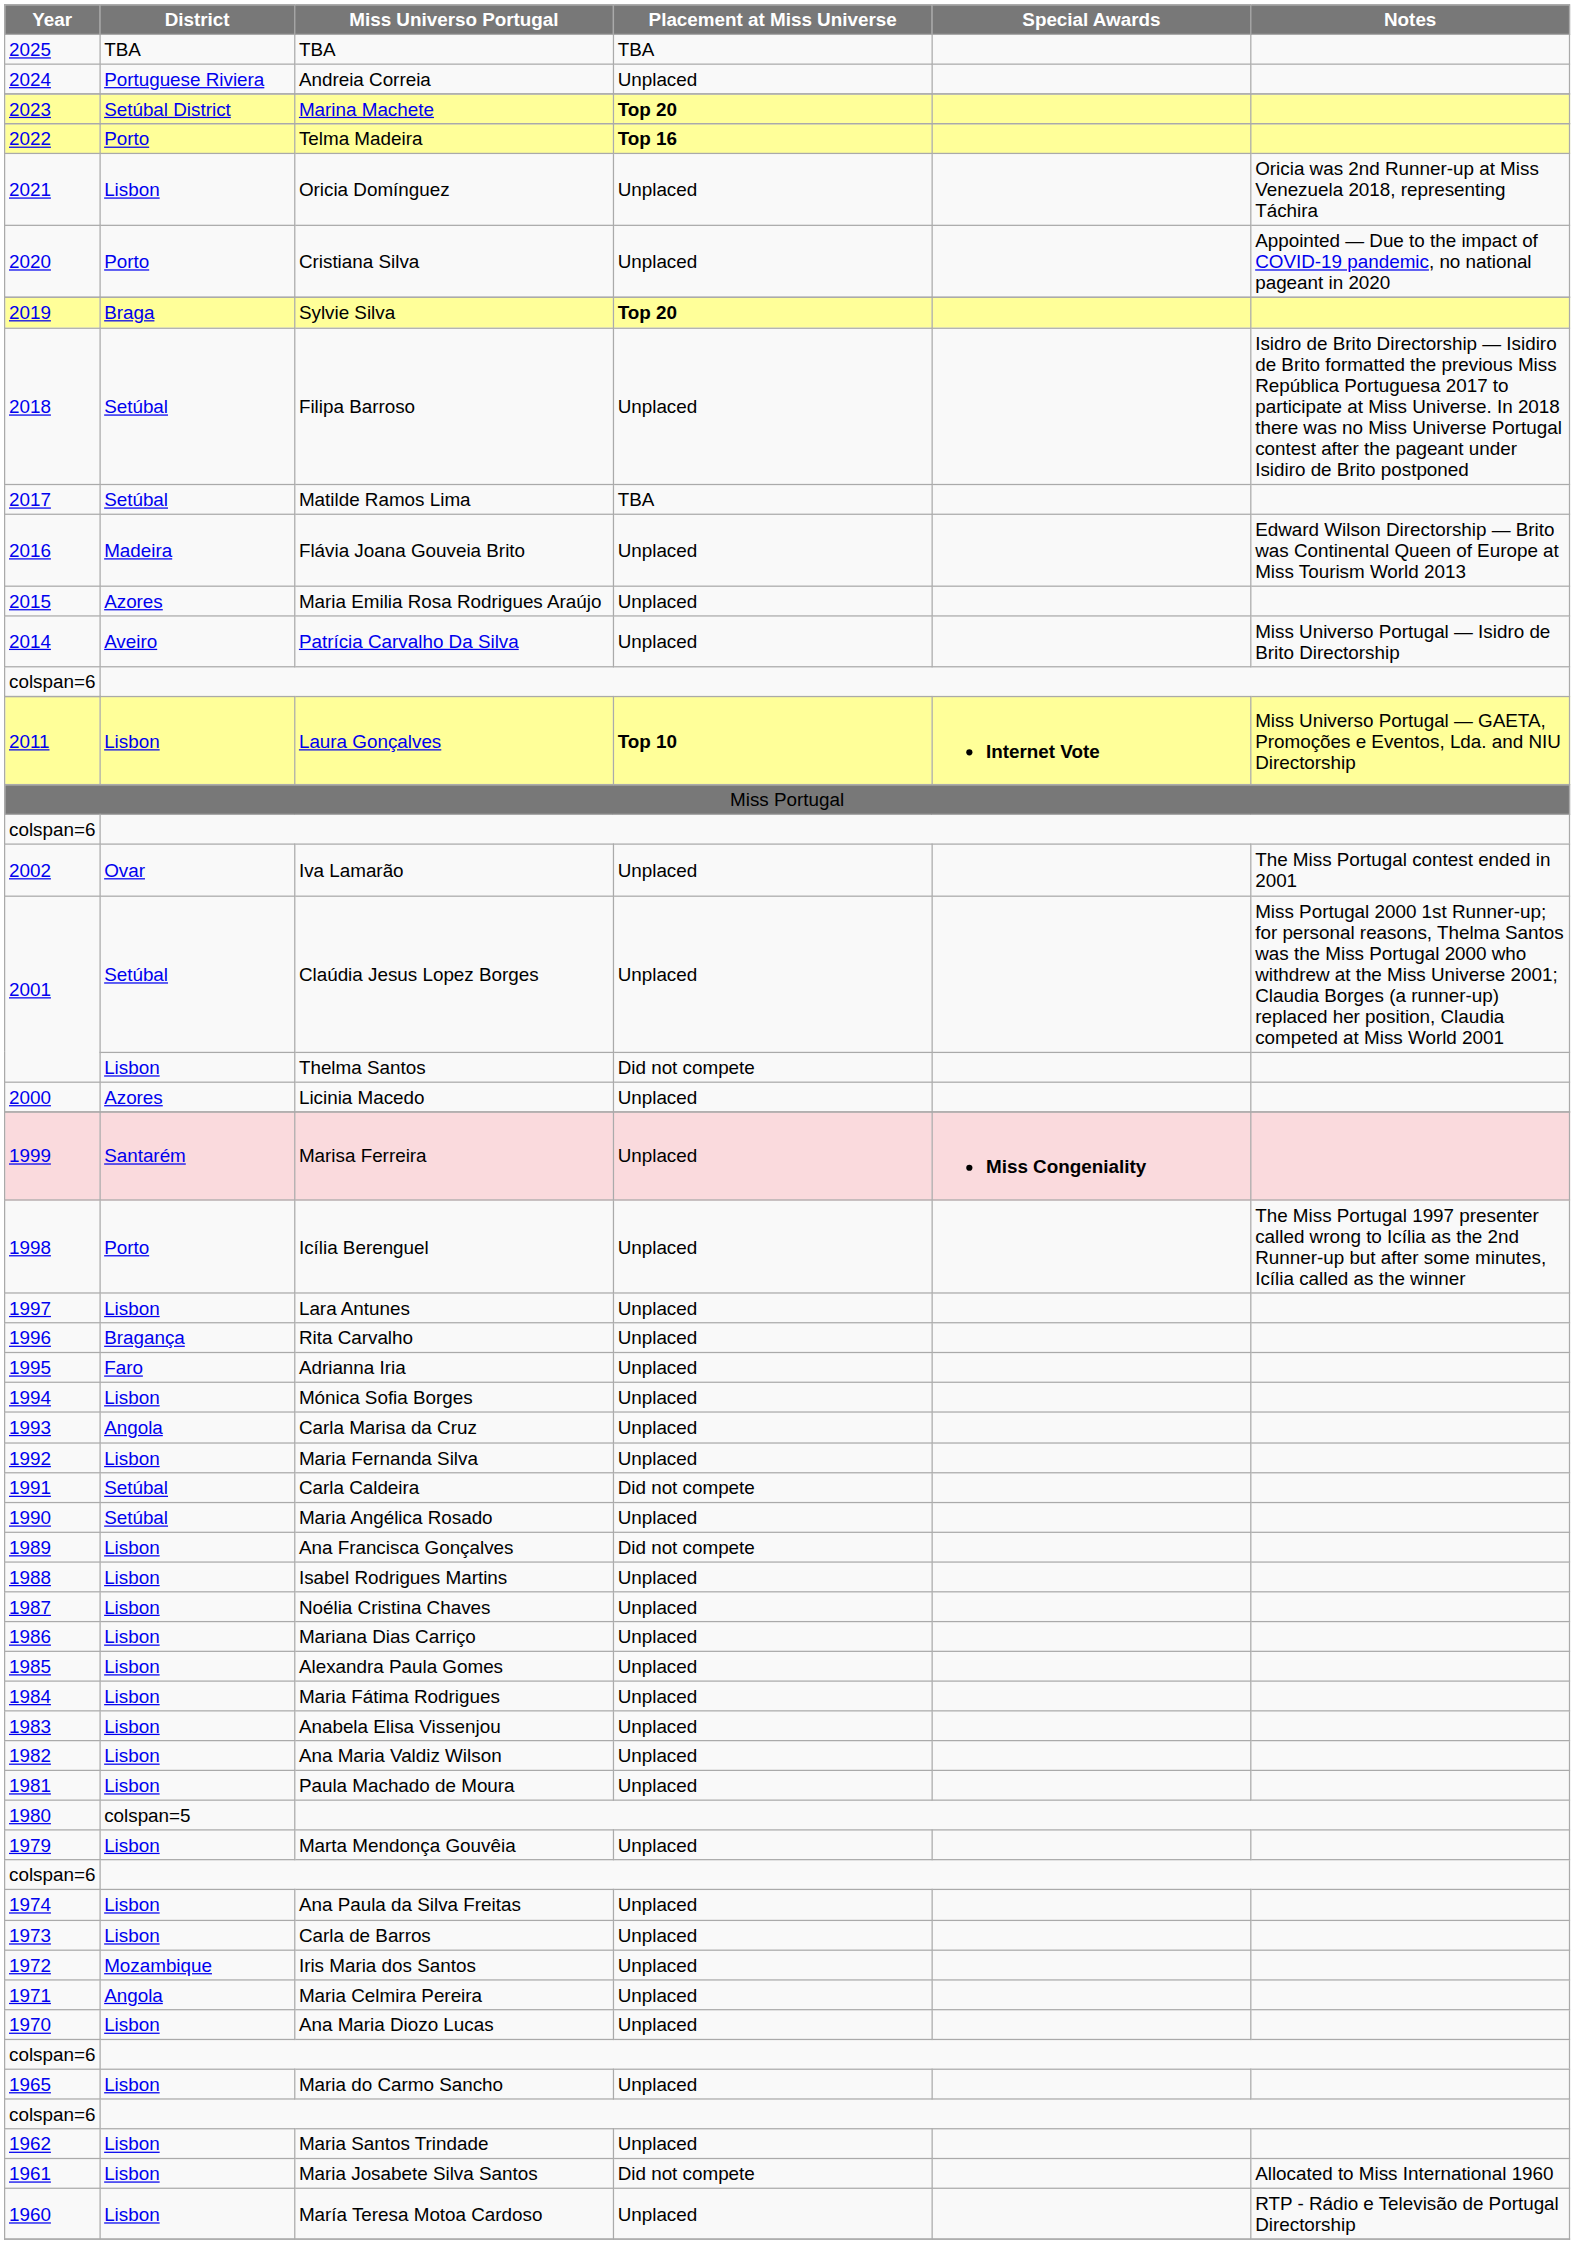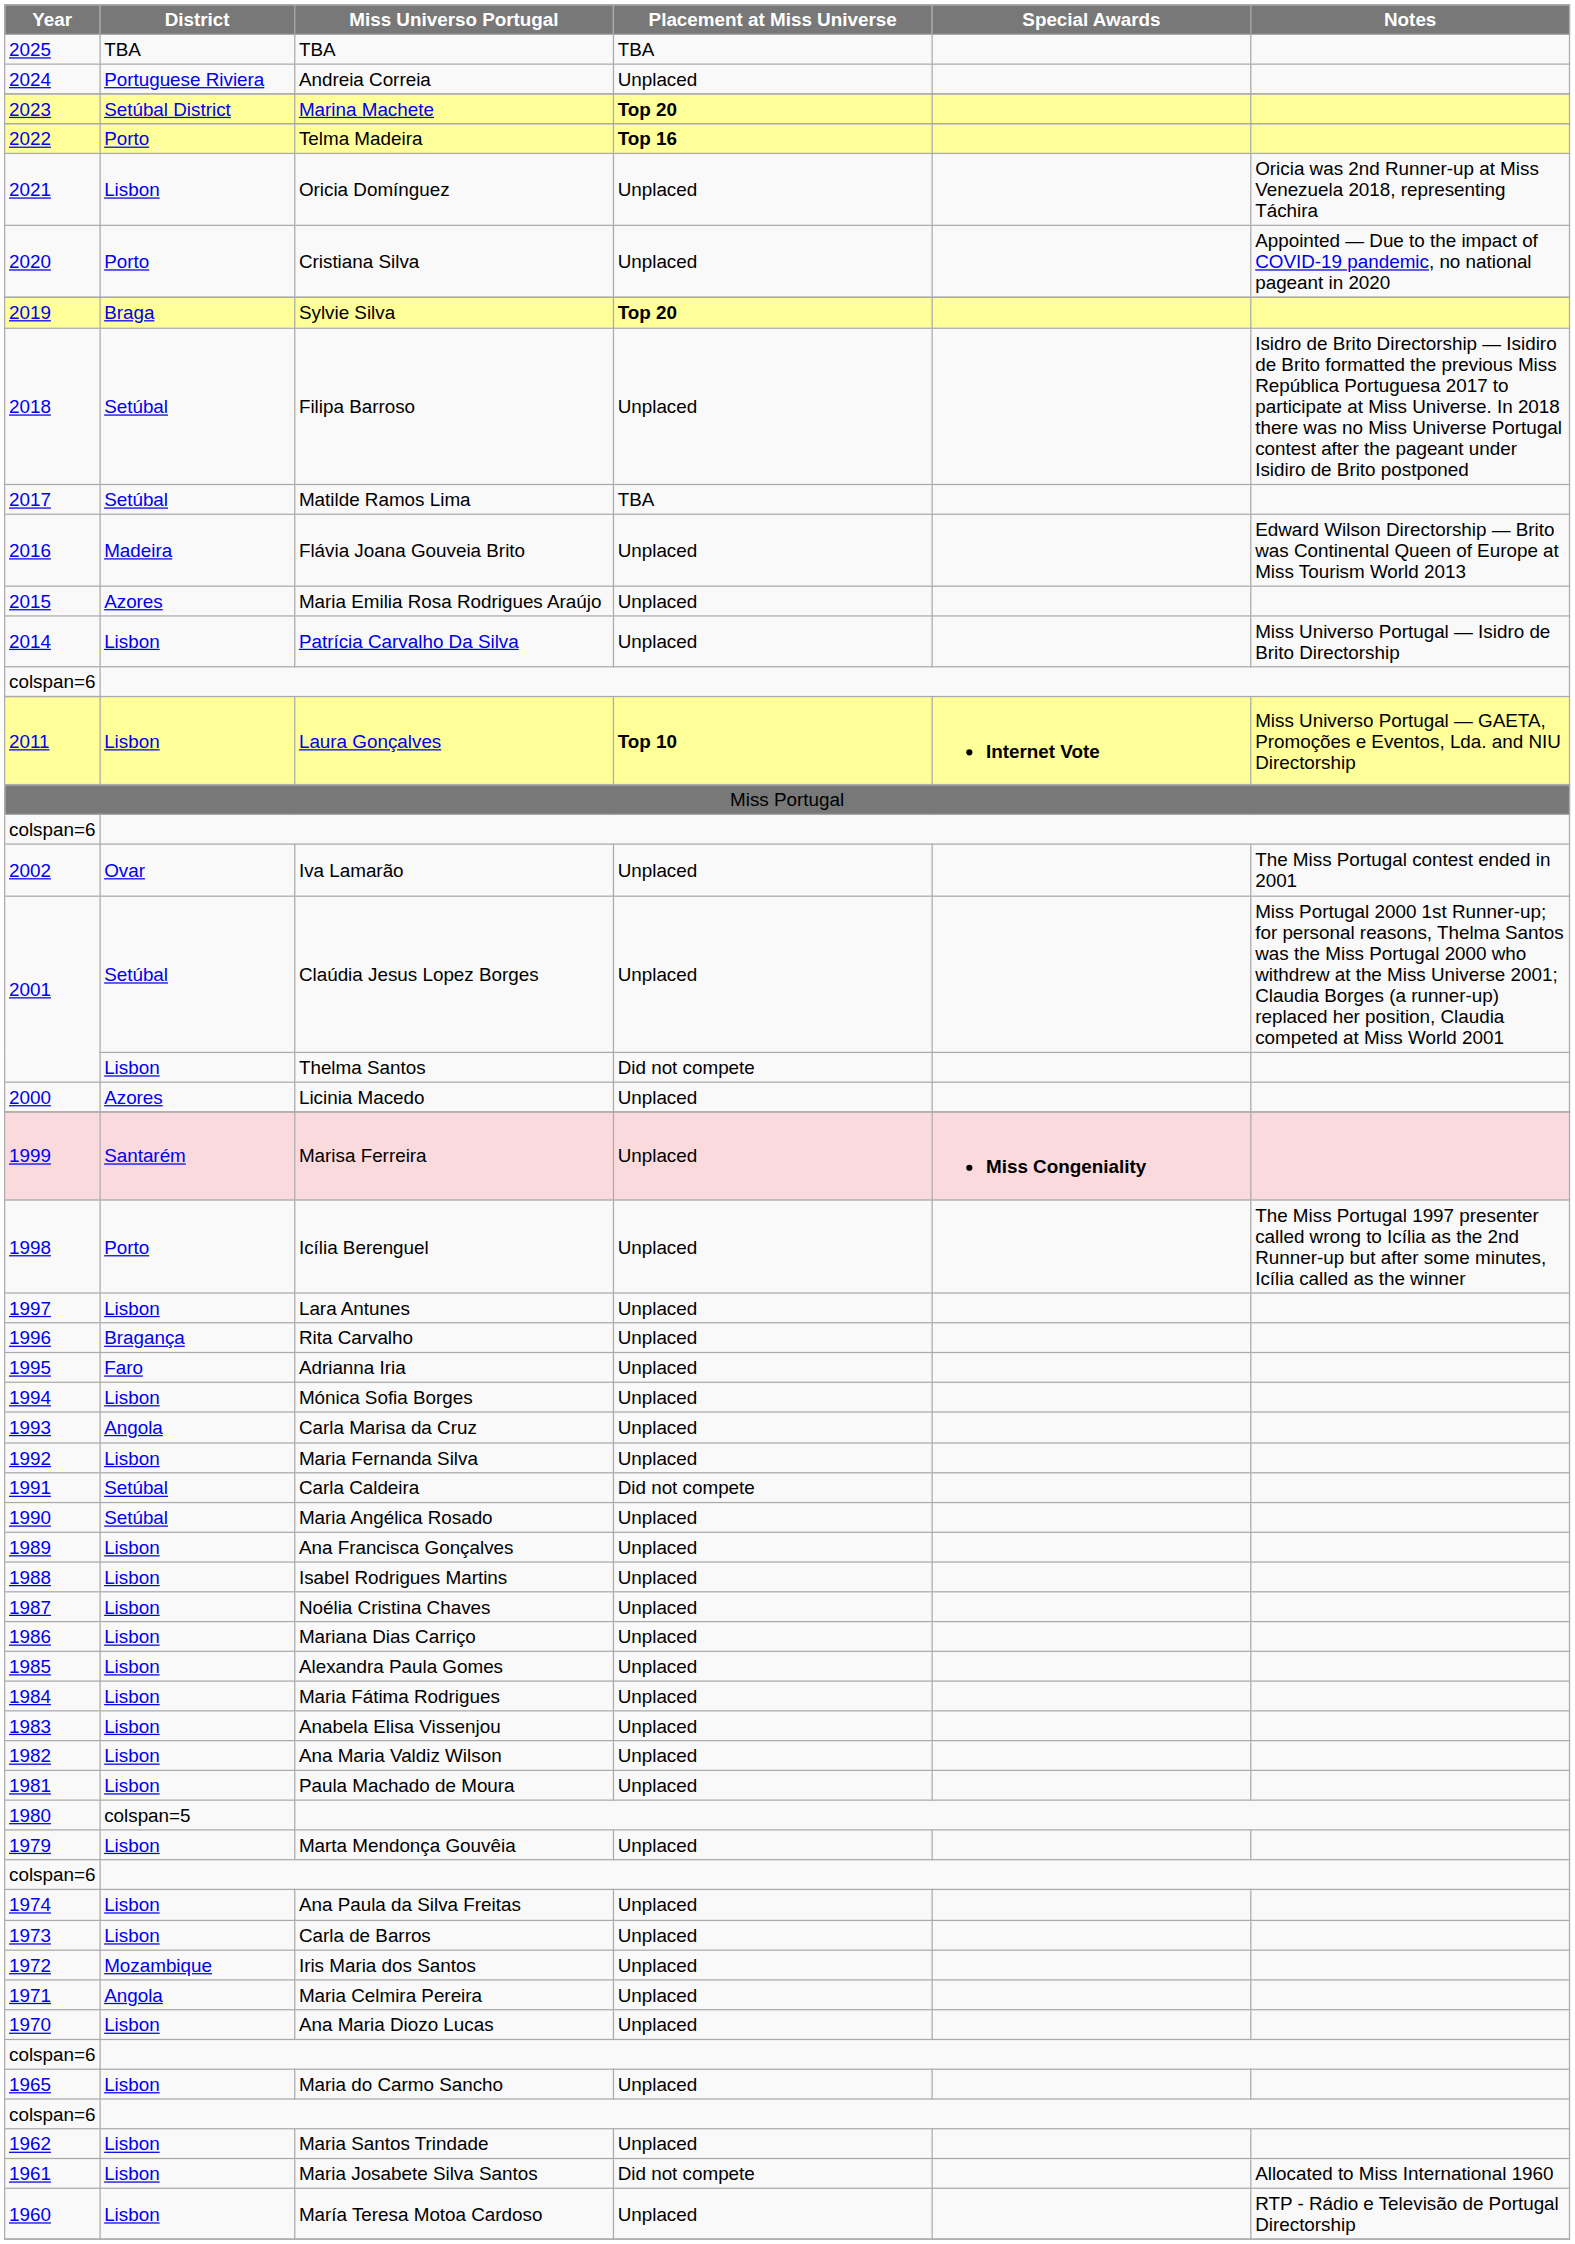 <table class="wikitable " style="font-size: 95%;">
 <tr>
 <th width="60" style="background-color:#787878;color:#FFFFFF;">Year</th>
 <th width="150" style="background-color:#787878;color:#FFFFFF;">District</th>
 <th width="250" style="background-color:#787878;color:#FFFFFF;">Miss Universo Portugal</th>
 <th width="250" style="background-color:#787878;color:#FFFFFF;">Placement at Miss Universe</th>
 <th width="250" style="background-color:#787878;color:#FFFFFF;">Special Awards</th>
 <th width="250" style="background-color:#787878;color:#FFFFFF;">Notes</th>
 </tr>
 <tr>
 <td><a href='#'>2025</a></td>
 <td>TBA</td>
 <td>TBA</td>
 <td>TBA</td>
 <td></td>
 <td></td>
 </tr>
 <tr>
 <td><a href='#'>2024</a></td>
 <td><a href='#'>Portuguese Riviera</a></td>
 <td>Andreia Correia</td>
 <td>Unplaced</td>
 <td></td>
 <td></td>
 </tr>
 <tr>
 </tr>
 <tr style="background-color:#FFFF99;">
 <td><a href='#'>2023</a></td>
 <td><a href='#'>Setúbal District</a></td>
 <td><a href='#'>Marina Machete</a></td>
 <td><strong>Top 20</strong></td>
 <td></td>
 <td></td>
 </tr>
 <tr>
 </tr>
 <tr style="background-color:#FFFF99;">
 <td><a href='#'>2022</a></td>
 <td><a href='#'>Porto</a></td>
 <td>Telma Madeira</td>
 <td><strong>Top 16</strong></td>
 <td></td>
 <td></td>
 </tr>
 <tr>
 <td><a href='#'>2021</a></td>
 <td><a href='#'>Lisbon</a></td>
 <td>Oricia Domínguez</td>
 <td>Unplaced</td>
 <td></td>
 <td>Oricia was 2nd Runner-up at Miss Venezuela 2018, representing Táchira</td>
 </tr>
 <tr>
 <td><a href='#'>2020</a></td>
 <td><a href='#'>Porto</a></td>
 <td>Cristiana Silva</td>
 <td>Unplaced</td>
 <td></td>
 <td>Appointed — Due to the impact of <a href='#'>COVID-19 pandemic</a>, no national pageant in 2020</td>
 </tr>
 <tr>
 </tr>
 <tr style="background-color:#FFFF99;">
 <td><a href='#'>2019</a></td>
 <td><a href='#'>Braga</a></td>
 <td>Sylvie Silva</td>
 <td><strong>Top 20</strong></td>
 <td></td>
 <td></td>
 </tr>
 <tr>
 <td><a href='#'>2018</a></td>
 <td><a href='#'>Setúbal</a></td>
 <td>Filipa Barroso</td>
 <td>Unplaced</td>
 <td></td>
 <td>Isidro de Brito Directorship — Isidiro de Brito formatted the previous Miss República Portuguesa 2017 to participate at Miss Universe. In 2018 there was no Miss Universe Portugal contest after the pageant under Isidiro de Brito postponed</td>
 </tr>
 <tr>
 <td><a href='#'>2017</a></td>
 <td><a href='#'>Setúbal</a></td>
 <td>Matilde Ramos Lima</td>
 <td>TBA</td>
 <td></td>
 <td></td>
 </tr>
 <tr>
 <td><a href='#'>2016</a></td>
 <td><a href='#'>Madeira</a></td>
 <td>Flávia Joana Gouveia Brito</td>
 <td>Unplaced</td>
 <td></td>
 <td>Edward Wilson Directorship — Brito was Continental Queen of Europe at Miss Tourism World 2013</td>
 </tr>
 <tr>
 <td><a href='#'>2015</a></td>
 <td><a href='#'>Azores</a></td>
 <td>Maria Emilia Rosa Rodrigues Araújo</td>
 <td>Unplaced</td>
 <td></td>
 <td></td>
 </tr>
 <tr>
 <td><a href='#'>2014</a></td>
-<td><a href='#'>Aveiro</a></td>
+<td><a href='#'>Lisbon</a></td>
 <td><a href='#'>Patrícia Carvalho Da Silva</a></td>
 <td>Unplaced</td>
 <td></td>
 <td>Miss Universo Portugal — Isidro de Brito Directorship</td>
 </tr>
 <tr>
 <td>colspan=6 </td>
 </tr>
 <tr>
 </tr>
 <tr style="background-color:#FFFF99;">
 <td><a href='#'>2011</a></td>
 <td><a href='#'>Lisbon</a></td>
 <td><a href='#'>Laura Gonçalves</a></td>
 <td><strong>Top 10</strong></td>
 <td align="left"><br><ul><li><strong>Internet Vote</strong></li></ul></td>
 <td>Miss Universo Portugal — GAETA, Promoções e Eventos, Lda. and NIU Directorship</td>
 </tr>
 <tr>
 </tr>
 <tr bgcolor="#787878" align="center">
 <td colspan="6"><span>Miss Portugal</span></td>
 </tr>
 <tr>
 <td>colspan=6 </td>
 </tr>
 <tr>
 <td><a href='#'>2002</a></td>
 <td><a href='#'>Ovar</a></td>
 <td>Iva Lamarão</td>
 <td>Unplaced</td>
 <td></td>
 <td>The Miss Portugal contest ended in 2001</td>
 </tr>
 <tr>
 <td rowspan=2><a href='#'>2001</a></td>
 <td><a href='#'>Setúbal</a></td>
 <td>Claúdia Jesus Lopez Borges</td>
 <td>Unplaced</td>
 <td></td>
 <td>Miss Portugal 2000 1st Runner-up; for personal reasons, Thelma Santos was the Miss Portugal 2000 who withdrew at the Miss Universe 2001; Claudia Borges (a runner-up) replaced her position, Claudia competed at Miss World 2001</td>
 </tr>
 <tr>
 <td><a href='#'>Lisbon</a></td>
 <td>Thelma Santos</td>
 <td>Did not compete</td>
 <td></td>
 <td></td>
 </tr>
 <tr>
 <td><a href='#'>2000</a></td>
 <td><a href='#'>Azores</a></td>
 <td>Licinia Macedo</td>
 <td>Unplaced</td>
 <td></td>
 <td></td>
 </tr>
 <tr>
 </tr>
 <tr style="background-color:#FADADD;">
 <td><a href='#'>1999</a></td>
 <td><a href='#'>Santarém</a></td>
 <td>Marisa Ferreira</td>
 <td>Unplaced</td>
 <td align="left"><br><ul><li><strong>Miss Congeniality</strong></li></ul></td>
 <td></td>
 </tr>
 <tr>
 <td><a href='#'>1998</a></td>
 <td><a href='#'>Porto</a></td>
 <td>Icília Berenguel</td>
 <td>Unplaced</td>
 <td></td>
 <td>The Miss Portugal 1997 presenter called wrong to Icília as the 2nd Runner-up but after some minutes, Icília called as the winner</td>
 </tr>
 <tr>
 <td><a href='#'>1997</a></td>
 <td><a href='#'>Lisbon</a></td>
 <td>Lara Antunes</td>
 <td>Unplaced</td>
 <td></td>
 <td></td>
 </tr>
 <tr>
 <td><a href='#'>1996</a></td>
 <td><a href='#'>Bragança</a></td>
 <td>Rita Carvalho</td>
 <td>Unplaced</td>
 <td></td>
 <td></td>
 </tr>
 <tr>
 <td><a href='#'>1995</a></td>
 <td><a href='#'>Faro</a></td>
 <td>Adrianna Iria</td>
 <td>Unplaced</td>
 <td></td>
 <td></td>
 </tr>
 <tr>
 <td><a href='#'>1994</a></td>
 <td><a href='#'>Lisbon</a></td>
 <td>Mónica Sofia Borges</td>
 <td>Unplaced</td>
 <td></td>
 <td></td>
 </tr>
 <tr>
 <td><a href='#'>1993</a></td>
 <td><a href='#'>Angola</a></td>
 <td>Carla Marisa da Cruz</td>
 <td>Unplaced</td>
 <td></td>
 <td></td>
 </tr>
 <tr>
 <td><a href='#'>1992</a></td>
 <td><a href='#'>Lisbon</a></td>
 <td>Maria Fernanda Silva</td>
 <td>Unplaced</td>
 <td></td>
 <td></td>
 </tr>
 <tr>
 <td><a href='#'>1991</a></td>
 <td><a href='#'>Setúbal</a></td>
 <td>Carla Caldeira</td>
 <td>Did not compete</td>
 <td></td>
 <td></td>
 </tr>
 <tr>
 <td><a href='#'>1990</a></td>
 <td><a href='#'>Setúbal</a></td>
 <td>Maria Angélica Rosado</td>
 <td>Unplaced</td>
 <td></td>
 <td></td>
 </tr>
 <tr>
 <td><a href='#'>1989</a></td>
 <td><a href='#'>Lisbon</a></td>
 <td>Ana Francisca Gonçalves</td>
-<td>Did not compete</td>
+<td>Unplaced</td>
 <td></td>
 <td></td>
 </tr>
 <tr>
 <td><a href='#'>1988</a></td>
 <td><a href='#'>Lisbon</a></td>
 <td>Isabel Rodrigues Martins</td>
 <td>Unplaced</td>
 <td></td>
 <td></td>
 </tr>
 <tr>
 <td><a href='#'>1987</a></td>
 <td><a href='#'>Lisbon</a></td>
 <td>Noélia Cristina Chaves</td>
 <td>Unplaced</td>
 <td></td>
 <td></td>
 </tr>
 <tr>
 <td><a href='#'>1986</a></td>
 <td><a href='#'>Lisbon</a></td>
 <td>Mariana Dias Carriço</td>
 <td>Unplaced</td>
 <td></td>
 <td></td>
 </tr>
 <tr>
 <td><a href='#'>1985</a></td>
 <td><a href='#'>Lisbon</a></td>
 <td>Alexandra Paula Gomes</td>
 <td>Unplaced</td>
 <td></td>
 <td></td>
 </tr>
 <tr>
 <td><a href='#'>1984</a></td>
 <td><a href='#'>Lisbon</a></td>
 <td>Maria Fátima Rodrigues</td>
 <td>Unplaced</td>
 <td></td>
 <td></td>
 </tr>
 <tr>
 <td><a href='#'>1983</a></td>
 <td><a href='#'>Lisbon</a></td>
 <td>Anabela Elisa Vissenjou</td>
 <td>Unplaced</td>
 <td></td>
 <td></td>
 </tr>
 <tr>
 <td><a href='#'>1982</a></td>
 <td><a href='#'>Lisbon</a></td>
 <td>Ana Maria Valdiz Wilson</td>
 <td>Unplaced</td>
 <td></td>
 <td></td>
 </tr>
 <tr>
 <td><a href='#'>1981</a></td>
 <td><a href='#'>Lisbon</a></td>
 <td>Paula Machado de Moura</td>
 <td>Unplaced</td>
 <td></td>
 <td></td>
 </tr>
 <tr>
 <td><a href='#'>1980</a></td>
 <td>colspan=5 </td>
 </tr>
 <tr>
 <td><a href='#'>1979</a></td>
 <td><a href='#'>Lisbon</a></td>
 <td>Marta Mendonça Gouvêia</td>
 <td>Unplaced</td>
 <td></td>
 <td></td>
 </tr>
 <tr>
 <td>colspan=6 </td>
 </tr>
 <tr>
 <td><a href='#'>1974</a></td>
 <td><a href='#'>Lisbon</a></td>
 <td>Ana Paula da Silva Freitas</td>
 <td>Unplaced</td>
 <td></td>
 <td></td>
 </tr>
 <tr>
 <td><a href='#'>1973</a></td>
 <td><a href='#'>Lisbon</a></td>
 <td>Carla de Barros</td>
 <td>Unplaced</td>
 <td></td>
 <td></td>
 </tr>
 <tr>
 <td><a href='#'>1972</a></td>
 <td><a href='#'>Mozambique</a></td>
 <td>Iris Maria dos Santos</td>
 <td>Unplaced</td>
 <td></td>
 <td></td>
 </tr>
 <tr>
 <td><a href='#'>1971</a></td>
 <td><a href='#'>Angola</a></td>
 <td>Maria Celmira Pereira</td>
 <td>Unplaced</td>
 <td></td>
 <td></td>
 </tr>
 <tr>
 <td><a href='#'>1970</a></td>
 <td><a href='#'>Lisbon</a></td>
 <td>Ana Maria Diozo Lucas</td>
 <td>Unplaced</td>
 <td></td>
 <td></td>
 </tr>
 <tr>
 <td>colspan=6 </td>
 </tr>
 <tr>
 <td><a href='#'>1965</a></td>
 <td><a href='#'>Lisbon</a></td>
 <td>Maria do Carmo Sancho</td>
 <td>Unplaced</td>
 <td></td>
 <td></td>
 </tr>
 <tr>
 <td>colspan=6 </td>
 </tr>
 <tr>
 <td><a href='#'>1962</a></td>
 <td><a href='#'>Lisbon</a></td>
 <td>Maria Santos Trindade</td>
 <td>Unplaced</td>
 <td></td>
 <td></td>
 </tr>
 <tr>
 <td><a href='#'>1961</a></td>
 <td><a href='#'>Lisbon</a></td>
 <td>Maria Josabete Silva Santos</td>
 <td>Did not compete</td>
 <td></td>
 <td>Allocated to Miss International 1960</td>
 </tr>
 <tr>
 <td><a href='#'>1960</a></td>
 <td><a href='#'>Lisbon</a></td>
 <td>María Teresa Motoa Cardoso</td>
 <td>Unplaced</td>
 <td></td>
 <td>RTP - Rádio e Televisão de Portugal Directorship</td>
 </tr>
 <tr>
 </tr>
 </table>
